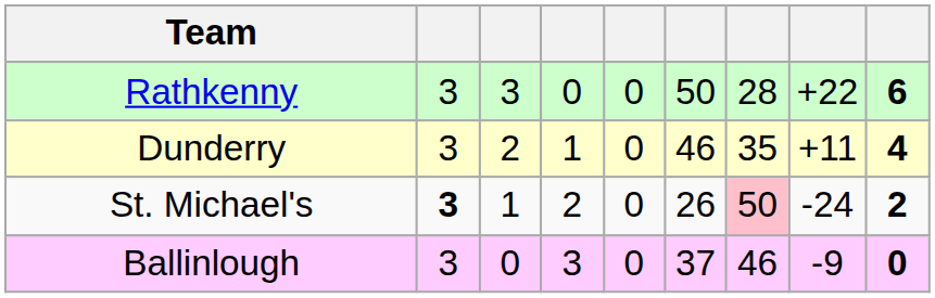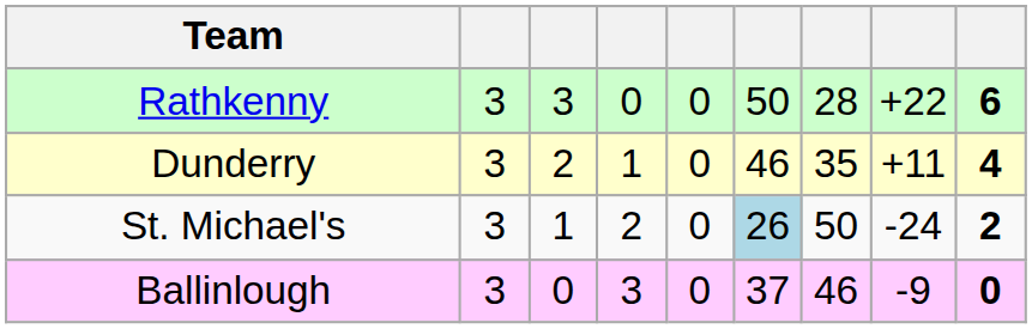 <table class="wikitable" style="text-align:center">
 <tr>
 <th style="width:175px;">Team</th>
 <th width="20"></th>
 <th width="20"></th>
 <th width="20"></th>
 <th width="20"></th>
 <th width="20"></th>
 <th width="20"></th>
 <th width="20"></th>
 <th width="20"></th>
 </tr>
 <tr style="background:#cfc;">
 <td><a href='#'>Rathkenny</a></td>
 <td>3</td>
 <td>3</td>
 <td>0</td>
 <td>0</td>
 <td>50</td>
 <td>28</td>
 <td>+22</td>
 <td><strong>6</strong></td>
 </tr>
 <tr style="background:#ffffcc;">
 <td>Dunderry</td>
 <td>3</td>
 <td>2</td>
 <td>1</td>
 <td>0</td>
 <td>46</td>
 <td>35</td>
 <td>+11</td>
 <td><strong>4</strong></td>
 </tr>
 <tr>
 <td>St. Michael's</td>
-<td><strong>3</strong></td>
+<td>3</td>
 <td>1</td>
 <td>2</td>
 <td>0</td>
-<td>26</td>
-<td style="background: pink;">50</td>
+<td style="background: lightblue;">26</td>
+<td>50</td>
 <td>-24</td>
 <td><strong>2</strong></td>
 </tr>
 <tr style="background:#fcf;">
 <td>Ballinlough</td>
 <td>3</td>
 <td>0</td>
 <td>3</td>
 <td>0</td>
 <td>37</td>
 <td>46</td>
 <td>-9</td>
 <td><strong>0</strong></td>
 </tr>
 </table>
